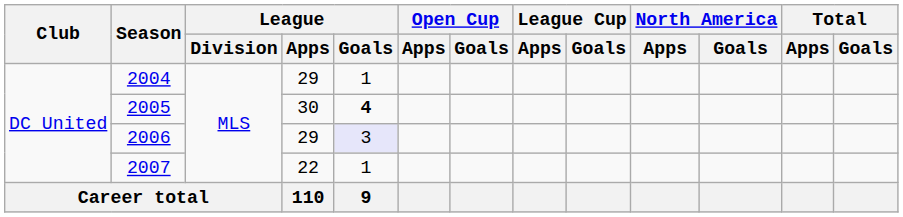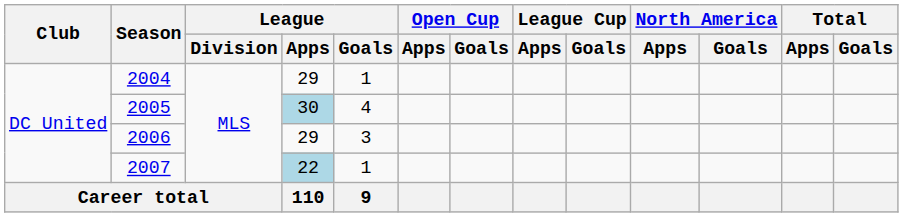 <table class="wikitable" style="text-align:center">
 <tr>
 <th rowspan="2">Club</th>
 <th rowspan="2">Season</th>
 <th colspan="3">League</th>
 <th colspan="2"><a href='#'>Open Cup</a></th>
 <th colspan="2">League Cup</th>
 <th colspan="2"><a href='#'>North America</a></th>
 <th colspan="2">Total</th>
 </tr>
 <tr>
 <th>Division</th>
 <th>Apps</th>
 <th>Goals</th>
 <th>Apps</th>
 <th>Goals</th>
 <th>Apps</th>
 <th>Goals</th>
 <th>Apps</th>
 <th>Goals</th>
 <th>Apps</th>
 <th>Goals</th>
 </tr>
 <tr>
 <td rowspan="4"><a href='#'>DC United</a></td>
 <td><a href='#'>2004</a></td>
 <td rowspan="4"><a href='#'>MLS</a></td>
 <td>29</td>
 <td>1</td>
 <td></td>
 <td></td>
 <td></td>
 <td></td>
 <td></td>
 <td></td>
 <td></td>
 <td></td>
 </tr>
 <tr>
 <td><a href='#'>2005</a></td>
-<td>30</td>
-<td><strong>4</strong></td>
+<td style="background: lightblue;">30</td>
+<td>4</td>
 <td></td>
 <td></td>
 <td></td>
 <td></td>
 <td></td>
 <td></td>
 <td></td>
 <td></td>
 </tr>
 <tr>
 <td><a href='#'>2006</a></td>
 <td>29</td>
-<td style="background: lavender;">3</td>
+<td>3</td>
 <td></td>
 <td></td>
 <td></td>
 <td></td>
 <td></td>
 <td></td>
 <td></td>
 <td></td>
 </tr>
 <tr>
 <td><a href='#'>2007</a></td>
-<td>22</td>
+<td style="background: lightblue;">22</td>
 <td>1</td>
 <td></td>
 <td></td>
 <td></td>
 <td></td>
 <td></td>
 <td></td>
 <td></td>
 <td></td>
 </tr>
 <tr>
 <th colspan="3">Career total</th>
 <th>110</th>
 <th>9</th>
 <th></th>
 <th></th>
 <th></th>
 <th></th>
 <th></th>
 <th></th>
 <th></th>
 <th></th>
 </tr>
 </table>
